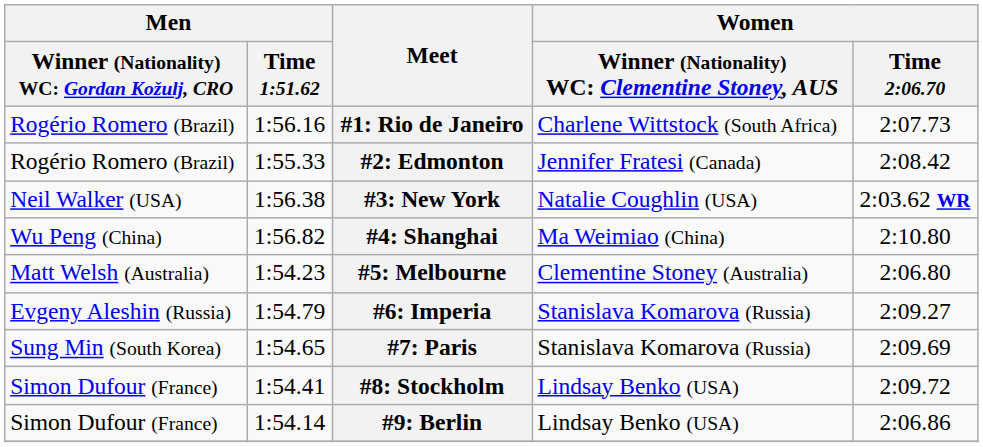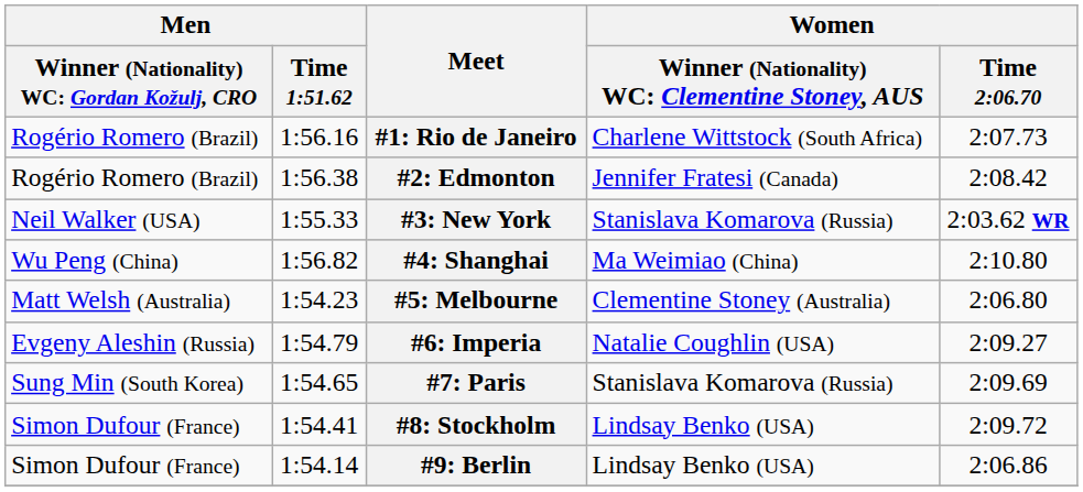 <table class=wikitable width="75%">
 <tr>
 <th colspan="2">Men</th>
 <th rowspan="2">Meet</th>
 <th colspan="2">Women</th>
 </tr>
 <tr>
 <th>Winner <small>(Nationality) <br> WC: <em><a href='#'>Gordan Kožulj</a>, CRO</em> </small></th>
 <th>Time <small><br> <em>1:51.62</em> </small></th>
 <th>Winner <small>(Nationality)</small><br> WC: <em><a href='#'>Clementine Stoney</a>, AUS</em></th>
 <th>Time <small><br> <em>2:06.70</em> </small></th>
 </tr>
 <tr>
 <td> <a href='#'>Rogério Romero</a> <small>(Brazil)</small></td>
 <td align=center>1:56.16</td>
 <th>#1: Rio de Janeiro</th>
 <td> <a href='#'>Charlene Wittstock</a> <small>(South Africa)</small></td>
 <td align=center>2:07.73</td>
 </tr>
 <tr>
 <td> Rogério Romero <small>(Brazil)</small></td>
-<td align=center>1:55.33</td>
+<td align=center>1:56.38</td>
 <th>#2: Edmonton</th>
 <td> <a href='#'>Jennifer Fratesi</a> <small>(Canada)</small></td>
 <td align=center>2:08.42</td>
 </tr>
 <tr>
 <td> <a href='#'>Neil Walker</a> <small>(USA)</small></td>
-<td align=center>1:56.38</td>
+<td align=center>1:55.33</td>
 <th>#3: New York</th>
-<td> <a href='#'>Natalie Coughlin</a> <small>(USA)</small></td>
+<td> <a href='#'>Stanislava Komarova</a> <small>(Russia)</small></td>
 <td align=center>2:03.62 <small><strong><a href='#'>WR</a></strong></small></td>
 </tr>
 <tr>
 <td> <a href='#'>Wu Peng</a> <small>(China)</small></td>
 <td align=center>1:56.82</td>
 <th>#4: Shanghai</th>
 <td> <a href='#'>Ma Weimiao</a> <small>(China)</small></td>
 <td align=center>2:10.80</td>
 </tr>
 <tr>
 <td> <a href='#'>Matt Welsh</a> <small>(Australia)</small></td>
 <td align=center>1:54.23</td>
 <th>#5: Melbourne</th>
 <td> <a href='#'>Clementine Stoney</a> <small>(Australia)</small></td>
 <td align=center>2:06.80</td>
 </tr>
 <tr>
 <td> <a href='#'>Evgeny Aleshin</a> <small>(Russia)</small></td>
 <td align=center>1:54.79</td>
 <th>#6: Imperia</th>
-<td> <a href='#'>Stanislava Komarova</a> <small>(Russia)</small></td>
+<td> <a href='#'>Natalie Coughlin</a> <small>(USA)</small></td>
 <td align=center>2:09.27</td>
 </tr>
 <tr>
 <td> <a href='#'>Sung Min</a> <small>(South Korea)</small></td>
 <td align=center>1:54.65</td>
 <th>#7: Paris</th>
 <td> Stanislava Komarova <small>(Russia)</small></td>
 <td align=center>2:09.69</td>
 </tr>
 <tr>
 <td> <a href='#'>Simon Dufour</a> <small>(France)</small></td>
 <td align=center>1:54.41</td>
 <th>#8: Stockholm</th>
 <td> <a href='#'>Lindsay Benko</a> <small>(USA)</small></td>
 <td align=center>2:09.72</td>
 </tr>
 <tr>
 <td> Simon Dufour <small>(France)</small></td>
 <td align=center>1:54.14</td>
 <th>#9: Berlin</th>
 <td> Lindsay Benko <small>(USA)</small></td>
 <td align=center>2:06.86</td>
 </tr>
 <tr>
 </tr>
 </table>
